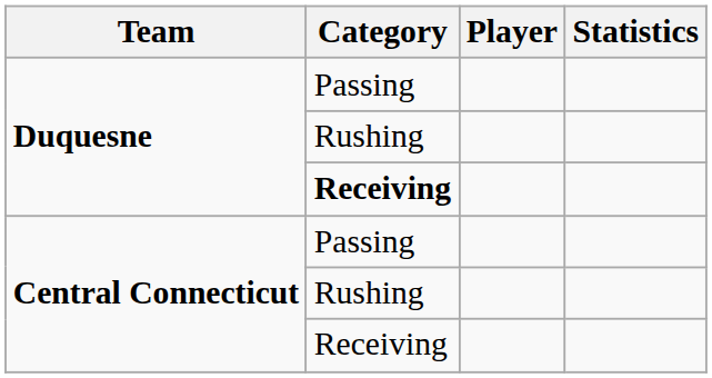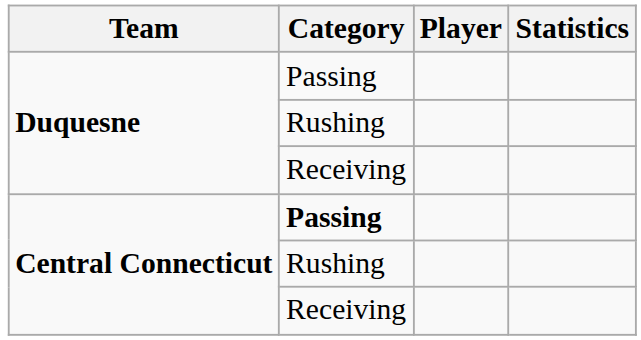 <table class="wikitable" style="float: right;">
 <tr>
 <th>Team</th>
 <th>Category</th>
 <th>Player</th>
 <th>Statistics</th>
 </tr>
 <tr>
 <td rowspan=3><strong>Duquesne</strong></td>
 <td>Passing</td>
 <td></td>
 <td></td>
 </tr>
 <tr>
 <td>Rushing</td>
 <td></td>
 <td></td>
 </tr>
 <tr>
-<td><strong>Receiving</strong></td>
+<td>Receiving</td>
 <td></td>
 <td></td>
 </tr>
 <tr>
 <td rowspan=3><strong>Central Connecticut</strong></td>
-<td>Passing</td>
+<td><strong>Passing</strong></td>
 <td></td>
 <td></td>
 </tr>
 <tr>
 <td>Rushing</td>
 <td></td>
 <td></td>
 </tr>
 <tr>
 <td>Receiving</td>
 <td></td>
 <td></td>
 </tr>
 </table>
